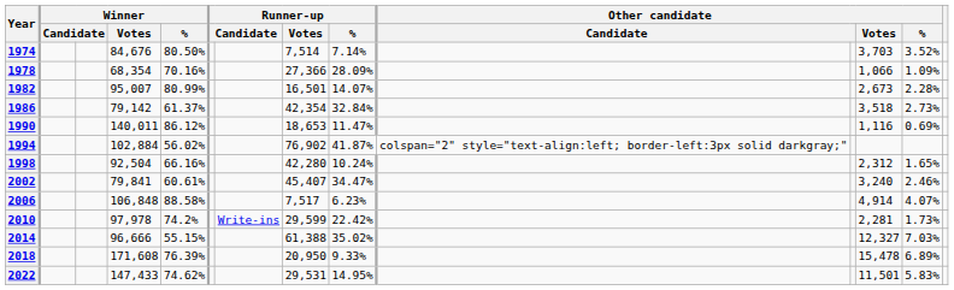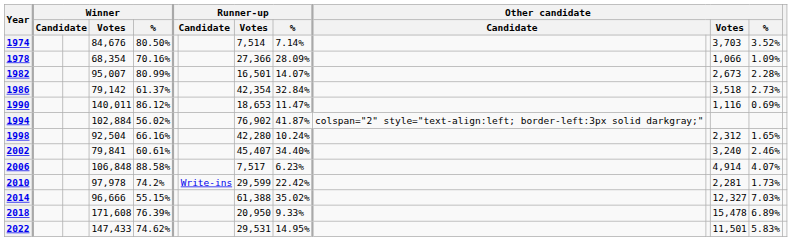 <table class="wikitable sortable">
 <tr>
 <th scope=col rowspan="2">Year</th>
 <th scope="col" style="border-left:3px solid darkgray;" colspan="4">Winner</th>
 <th scope="col" style="border-left:3px solid darkgray;" colspan="4">Runner-up</th>
 <th scope="col" style="border-left:3px solid darkgray;" colspan="4">Other candidate</th>
 <th scope="col" class="unsortable" rowspan="2"></th>
 </tr>
 <tr>
 <th scope="col" style="border-left:3px solid darkgray;" colspan="2">Candidate</th>
 <th scope="col" data-sort-type="number">Votes</th>
 <th scope="col"  data-sort-type="number">%</th>
 <th scope="col" style="border-left:3px solid darkgray;" colspan="2">Candidate</th>
 <th scope="col"  data-sort-type="number">Votes</th>
 <th scope="col"  data-sort-type="number">%</th>
 <th scope="col"  scope="col" style="border-left:3px solid darkgray;" colspan="2">Candidate</th>
 <th scope="col"  data-sort-type="number">Votes</th>
 <th scope="col"  data-sort-type="number">%</th>
 </tr>
 <tr>
 <th scope="row"><a href='#'>1974</a></th>
 <td style="text-align:left; border-left:3px solid darkgray; background-color:"></td>
 <td> </td>
 <td>84,676</td>
 <td>80.50%</td>
 <td style="text-align:left; border-left:3px solid darkgray; background-color:"></td>
 <td> </td>
 <td>7,514</td>
 <td>7.14%</td>
 <td style="text-align:left; border-left:3px solid darkgray; background-color:"></td>
 <td> </td>
 <td>3,703</td>
 <td>3.52%</td>
 <td style="text-align: center;"></td>
 </tr>
 <tr>
 <th scope="row"><a href='#'>1978</a></th>
 <td style="text-align:left; border-left:3px solid darkgray; background-color:"></td>
 <td> </td>
 <td>68,354</td>
 <td>70.16%</td>
 <td style="text-align:left; border-left:3px solid darkgray; background-color:"></td>
 <td> </td>
 <td>27,366</td>
 <td>28.09%</td>
 <td style="text-align:left; border-left:3px solid darkgray; background-color:"></td>
 <td> </td>
 <td>1,066</td>
 <td>1.09%</td>
 <td style="text-align: center;"></td>
 </tr>
 <tr>
 <th scope="row"><a href='#'>1982</a></th>
 <td style="text-align:left; border-left:3px solid darkgray; background-color:"></td>
 <td> </td>
 <td>95,007</td>
 <td>80.99%</td>
 <td style="text-align:left; border-left:3px solid darkgray; background-color:"></td>
 <td> </td>
 <td>16,501</td>
 <td>14.07%</td>
 <td style="text-align:left; border-left:3px solid darkgray; background-color:"></td>
 <td> </td>
 <td>2,673</td>
 <td>2.28%</td>
 <td style="text-align: center;"></td>
 </tr>
 <tr>
 <th scope="row"><a href='#'>1986</a></th>
 <td style="text-align:left; border-left:3px solid darkgray; background-color:"></td>
 <td> </td>
 <td>79,142</td>
 <td>61.37%</td>
 <td style="text-align:left; border-left:3px solid darkgray; background-color:"></td>
 <td> </td>
 <td>42,354</td>
 <td>32.84%</td>
 <td style="text-align:left; border-left:3px solid darkgray; background-color:"></td>
 <td> </td>
 <td>3,518</td>
 <td>2.73%</td>
 <td style="text-align: center;"></td>
 </tr>
 <tr>
 <th scope="row"><a href='#'>1990</a></th>
 <td style="text-align:left; border-left:3px solid darkgray; background-color:"></td>
 <td> </td>
 <td>140,011</td>
 <td>86.12%</td>
 <td style="text-align:left; border-left:3px solid darkgray; background-color:"></td>
 <td> </td>
 <td>18,653</td>
 <td>11.47%</td>
 <td style="text-align:left; border-left:3px solid darkgray; background-color:"></td>
 <td> </td>
 <td>1,116</td>
 <td>0.69%</td>
 <td style="text-align: center;"></td>
 </tr>
 <tr>
 <th scope="row"><a href='#'>1994</a></th>
 <td style="text-align:left; border-left:3px solid darkgray; background-color:"></td>
 <td> </td>
 <td>102,884</td>
 <td>56.02%</td>
 <td style="text-align:left; border-left:3px solid darkgray; background-color:"></td>
 <td> </td>
 <td>76,902</td>
 <td>41.87%</td>
 <td>colspan="2" style="text-align:left; border-left:3px solid darkgray;" </td>
 <td></td>
 <td></td>
 <td style="text-align: center;"></td>
 </tr>
 <tr>
 <th scope="row"><a href='#'>1998</a></th>
 <td style="text-align:left; border-left:3px solid darkgray; background-color:"></td>
 <td> </td>
 <td>92,504</td>
 <td>66.16%</td>
 <td style="text-align:left; border-left:3px solid darkgray; background-color:"></td>
 <td> </td>
 <td>42,280</td>
 <td>10.24%</td>
 <td style="text-align:left; border-left:3px solid darkgray; background-color:"></td>
 <td> </td>
 <td>2,312</td>
 <td>1.65%</td>
 <td style="text-align: center;"></td>
 </tr>
 <tr>
 <th scope="row"><a href='#'>2002</a></th>
 <td style="text-align:left; border-left:3px solid darkgray; background-color:"></td>
 <td> </td>
 <td>79,841</td>
 <td>60.61%</td>
 <td style="text-align:left; border-left:3px solid darkgray; background-color:"></td>
 <td> </td>
 <td>45,407</td>
-<td>34.47%</td>
+<td>34.40%</td>
 <td style="text-align:left; border-left:3px solid darkgray; background-color:"></td>
 <td> </td>
 <td>3,240</td>
 <td>2.46%</td>
 <td style="text-align: center;"></td>
 </tr>
 <tr>
 <th scope="row"><a href='#'>2006</a></th>
 <td style="text-align:left; border-left:3px solid darkgray; background-color:"></td>
 <td> </td>
 <td>106,848</td>
 <td>88.58%</td>
 <td style="text-align:left; border-left:3px solid darkgray; background-color:"></td>
 <td> </td>
 <td>7,517</td>
 <td>6.23%</td>
 <td style="text-align:left; border-left:3px solid darkgray; background-color:"></td>
 <td> </td>
 <td>4,914</td>
 <td>4.07%</td>
 <td style="text-align: center;"></td>
 </tr>
 <tr>
 <th scope="row"><a href='#'>2010</a></th>
 <td style="text-align:left; border-left:3px solid darkgray; background-color:"></td>
 <td> </td>
 <td>97,978</td>
 <td>74.2%</td>
 <td style="text-align:left; border-left:3px solid darkgray; background-color:"></td>
 <td><a href='#'>Write-ins</a></td>
 <td>29,599</td>
 <td>22.42%</td>
 <td style="text-align:left; border-left:3px solid darkgray; background-color:"></td>
 <td> </td>
 <td>2,281</td>
 <td>1.73%</td>
 <td style="text-align: center;"></td>
 </tr>
 <tr>
 <th scope="row"><a href='#'>2014</a></th>
 <td style="text-align:left; border-left:3px solid darkgray; background-color:"></td>
 <td> </td>
 <td>96,666</td>
 <td>55.15%</td>
 <td style="text-align:left; border-left:3px solid darkgray; background-color:"></td>
 <td> </td>
 <td>61,388</td>
 <td>35.02%</td>
 <td style="text-align:left; border-left:3px solid darkgray; background-color:"></td>
 <td> </td>
 <td>12,327</td>
 <td>7.03%</td>
 <td style="text-align: center;"></td>
 </tr>
 <tr>
 <th scope="row"><a href='#'>2018</a></th>
 <td style="text-align:left; border-left:3px solid darkgray; background-color:"></td>
 <td> </td>
 <td>171,608</td>
 <td>76.39%</td>
 <td style="text-align:left; border-left:3px solid darkgray; background-color:"></td>
 <td> </td>
 <td>20,950</td>
 <td>9.33%</td>
 <td style="text-align:left; border-left:3px solid darkgray; background-color:"></td>
 <td> </td>
 <td>15,478</td>
 <td>6.89%</td>
 <td style="text-align: center;"></td>
 </tr>
 <tr>
 <th scope="row"><a href='#'>2022</a></th>
 <td style="text-align:left; border-left:3px solid darkgray; background-color:"></td>
 <td> </td>
 <td>147,433</td>
 <td>74.62%</td>
 <td style="text-align:left; border-left:3px solid darkgray; background-color:"></td>
 <td> </td>
 <td>29,531</td>
 <td>14.95%</td>
 <td style="text-align:left; border-left:3px solid darkgray; background-color:"></td>
 <td> </td>
 <td>11,501</td>
 <td>5.83%</td>
 <td style="text-align: center;"></td>
 </tr>
 </table>
